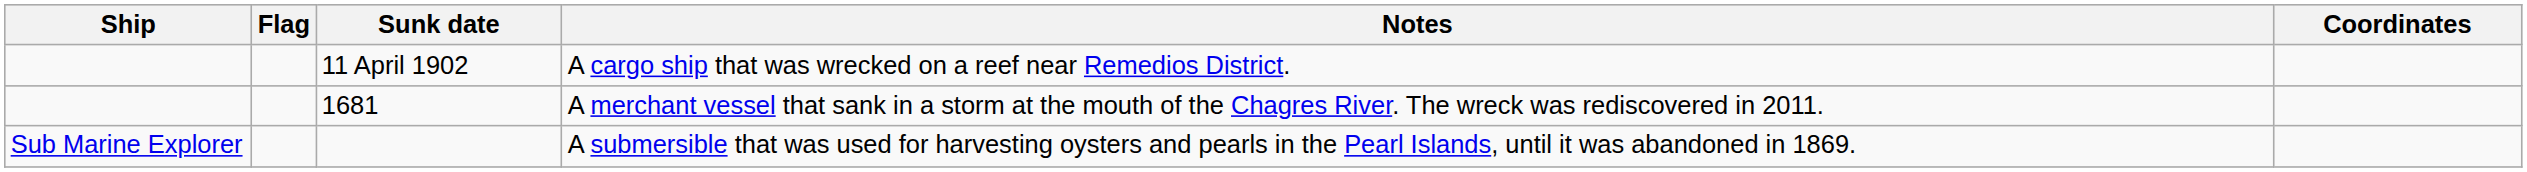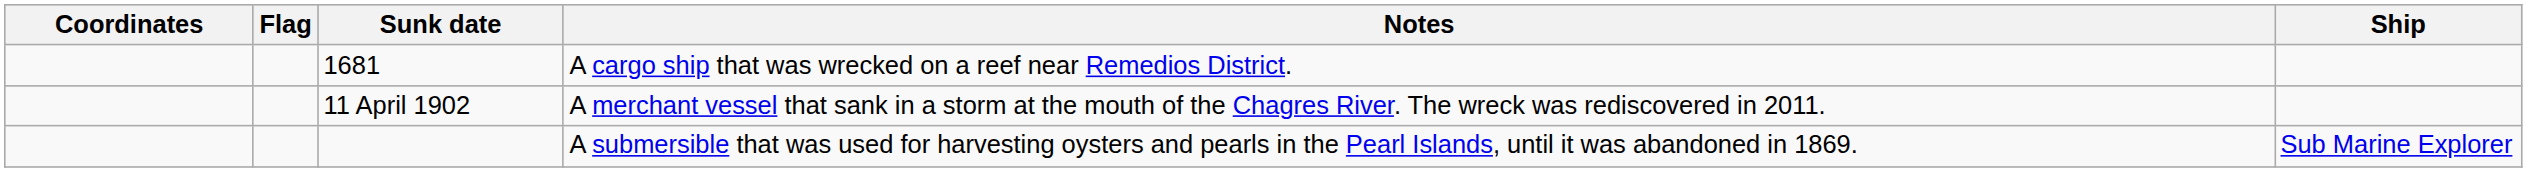 <table class=wikitable | style="width:100%">
 <tr>
-<th style="width:10%">Ship</th>
+<th style="width:10%">Coordinates</th>
 <th>Flag</th>
 <th style="width:10%">Sunk date</th>
 <th style="width:70%">Notes</th>
-<th style="width:10%">Coordinates</th>
+<th style="width:10%">Ship</th>
 </tr>
 <tr>
 <td></td>
 <td></td>
-<td>11 April 1902</td>
+<td>1681</td>
 <td>A <a href='#'>cargo ship</a> that was wrecked on a reef near <a href='#'>Remedios District</a>.</td>
 <td></td>
 </tr>
 <tr>
 <td></td>
 <td></td>
-<td>1681</td>
+<td>11 April 1902</td>
 <td>A <a href='#'>merchant vessel</a> that sank in a storm at the mouth of the <a href='#'>Chagres River</a>. The wreck was rediscovered in 2011.</td>
 <td></td>
 </tr>
 <tr>
-<td><a href='#'>Sub Marine Explorer</a></td>
+<td></td>
 <td></td>
 <td></td>
 <td>A <a href='#'>submersible</a> that was used for harvesting oysters and pearls in the <a href='#'>Pearl Islands</a>, until it was abandoned in 1869.</td>
-<td></td>
+<td><a href='#'>Sub Marine Explorer</a></td>
 </tr>
 </table>
